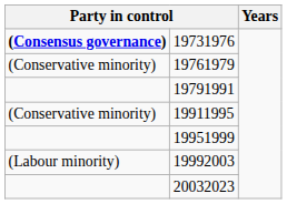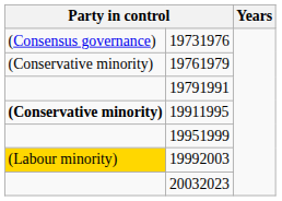 <table class="wikitable">
 <tr>
 <th colspan="2">Party in control</th>
 <th>Years</th>
 </tr>
 <tr>
-<td><strong> (<a href='#'>Consensus governance</a>)</strong></td>
+<td> (<a href='#'>Consensus governance</a>)</td>
 <td>19731976</td>
 </tr>
 <tr>
 <td> (Conservative minority)</td>
 <td>19761979</td>
 </tr>
 <tr>
 <td></td>
 <td>19791991</td>
 </tr>
 <tr>
-<td> (Conservative minority)</td>
+<td><strong> (Conservative minority)</strong></td>
 <td>19911995</td>
 </tr>
 <tr>
 <td></td>
 <td>19951999</td>
 </tr>
 <tr>
-<td> (Labour minority)</td>
+<td style="background: gold;"> (Labour minority)</td>
 <td>19992003</td>
 </tr>
 <tr>
 <td></td>
 <td>20032023</td>
 </tr>
 </table>
